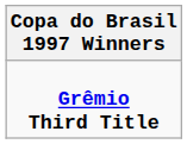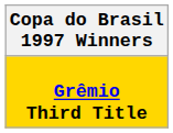 <table class="wikitable" style="text-align: center; margin: 0 auto;">
 <tr>
 <th>Copa do Brasil<br>1997 Winners</th>
 </tr>
 <tr>
-<td><br><strong><a href='#'>Grêmio</a></strong><br><strong>Third Title</strong></td>
+<td style="background: gold;"><br><strong><a href='#'>Grêmio</a></strong><br><strong>Third Title</strong></td>
 </tr>
 </table>
